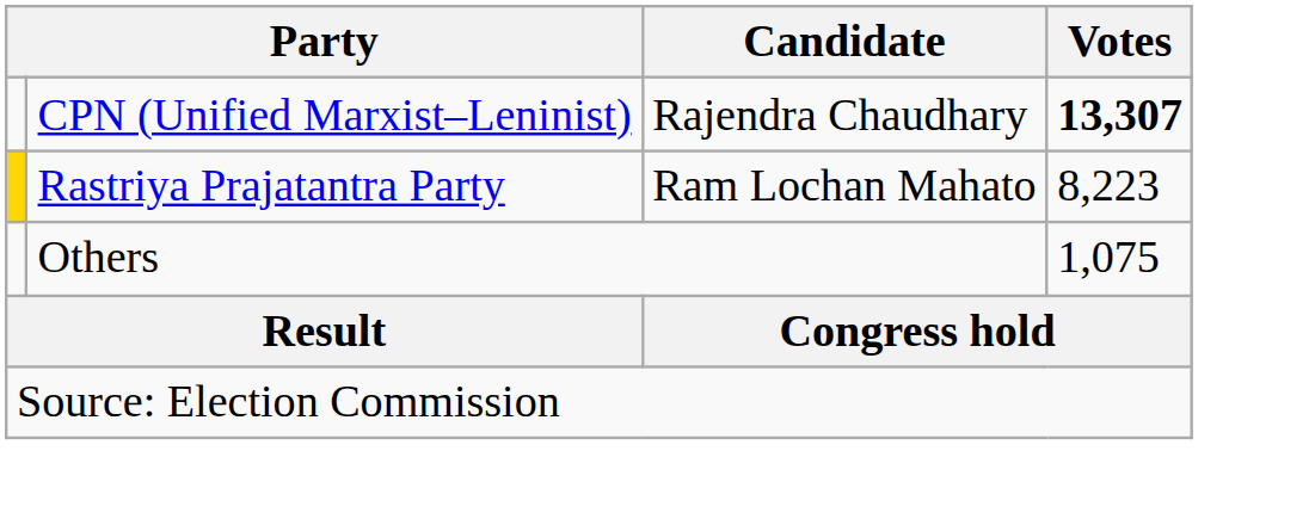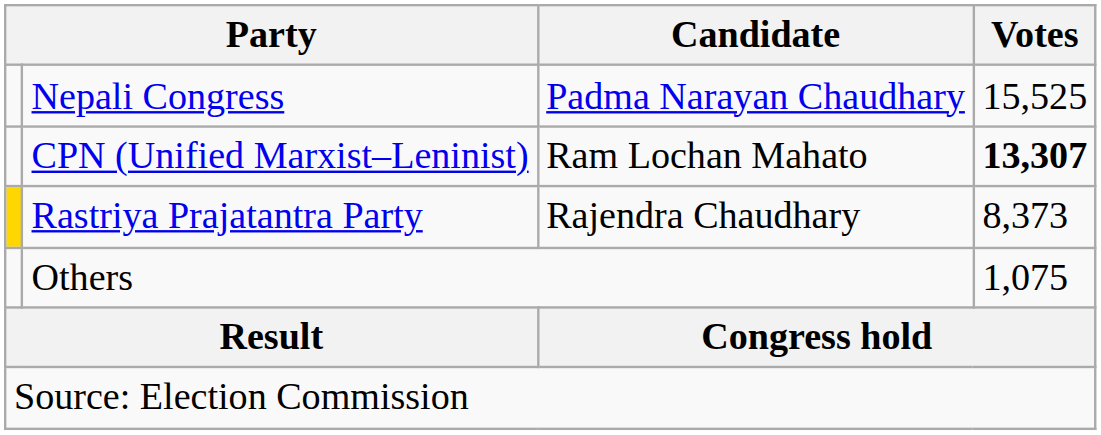 <table class="wikitable">
 <tr>
 <th colspan="2">Party</th>
 <th>Candidate</th>
 <th>Votes</th>
 </tr>
 <tr>
 <td style="background-color:"></td>
+<td><a href='#'>Nepali Congress</a></td>
+<td><a href='#'>Padma Narayan Chaudhary</a></td>
+<td>15,525</td>
+</tr>
+<tr>
+<td style="background-color:"></td>
 <td><a href='#'>CPN (Unified Marxist–Leninist)</a></td>
-<td>Rajendra Chaudhary</td>
+<td>Ram Lochan Mahato</td>
 <td><strong>13,307</strong></td>
 </tr>
 <tr>
 <td style="background-color:gold"></td>
 <td><a href='#'>Rastriya Prajatantra Party</a></td>
-<td>Ram Lochan Mahato</td>
-<td>8,223</td>
+<td>Rajendra Chaudhary</td>
+<td>8,373</td>
 </tr>
 <tr>
 <td></td>
 <td colspan="2">Others</td>
 <td>1,075</td>
 </tr>
 <tr>
 <th colspan="2">Result</th>
 <th colspan="2">Congress hold</th>
 </tr>
 <tr>
 <td colspan="4">Source: Election Commission</td>
 </tr>
 </table>
